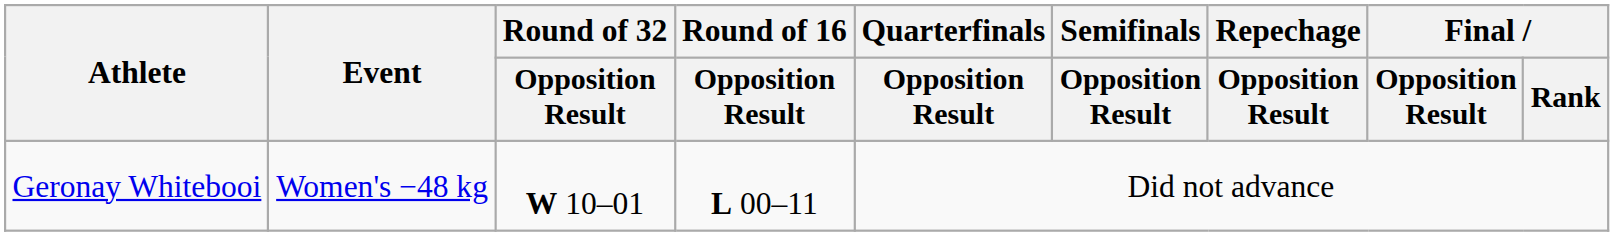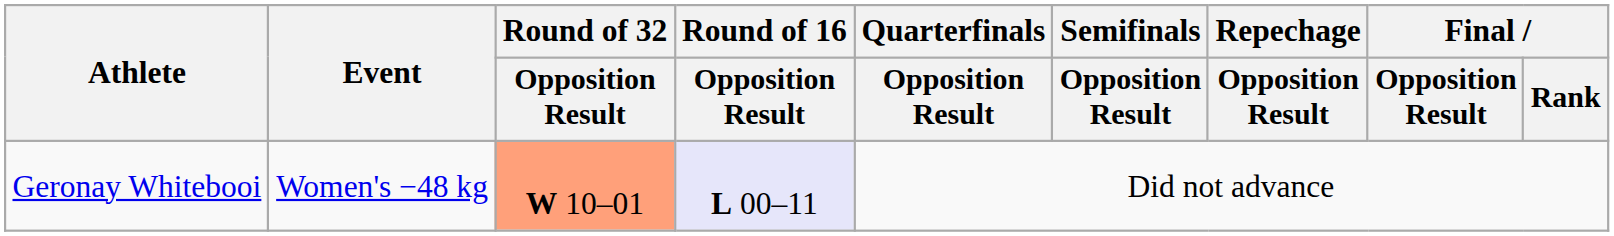 <table class="wikitable" style="font-size:90%">
 <tr>
 <th rowspan="2">Athlete</th>
 <th rowspan="2">Event</th>
 <th>Round of 32</th>
 <th>Round of 16</th>
 <th>Quarterfinals</th>
 <th>Semifinals</th>
 <th>Repechage</th>
 <th colspan=2>Final / </th>
 </tr>
 <tr style="font-size:95%">
 <th>Opposition<br>Result</th>
 <th>Opposition<br>Result</th>
 <th>Opposition<br>Result</th>
 <th>Opposition<br>Result</th>
 <th>Opposition<br>Result</th>
 <th>Opposition<br>Result</th>
 <th>Rank</th>
 </tr>
 <tr align=center>
 <td align=left><a href='#'>Geronay Whitebooi</a></td>
 <td align=left><a href='#'>Women's −48 kg</a></td>
-<td><br><strong>W</strong> 10–01</td>
-<td><br><strong>L</strong> 00–11</td>
+<td style="background: lightsalmon;"><br><strong>W</strong> 10–01</td>
+<td style="background: lavender;"><br><strong>L</strong> 00–11</td>
 <td colspan=5>Did not advance</td>
 </tr>
 </table>
